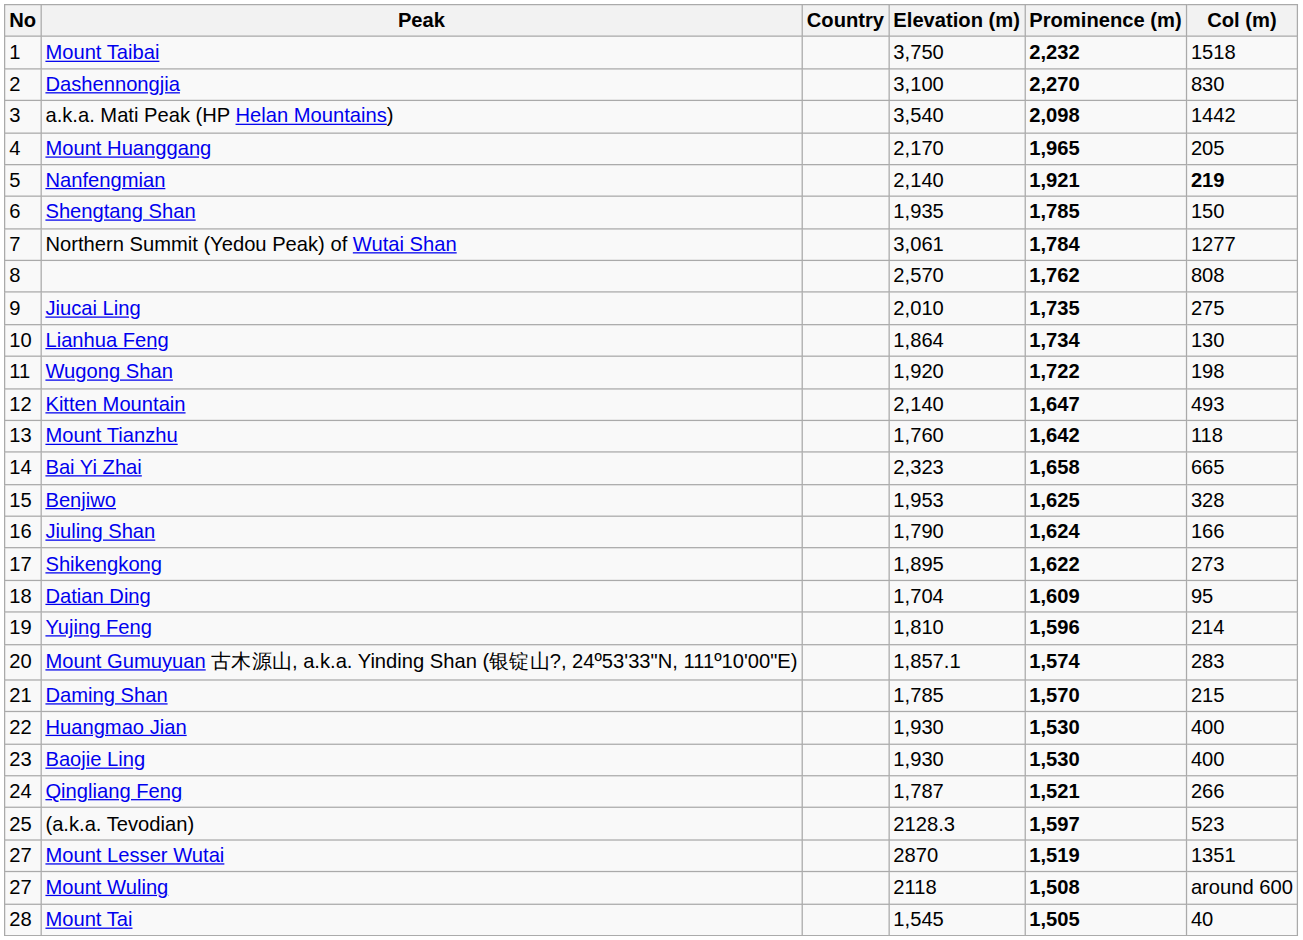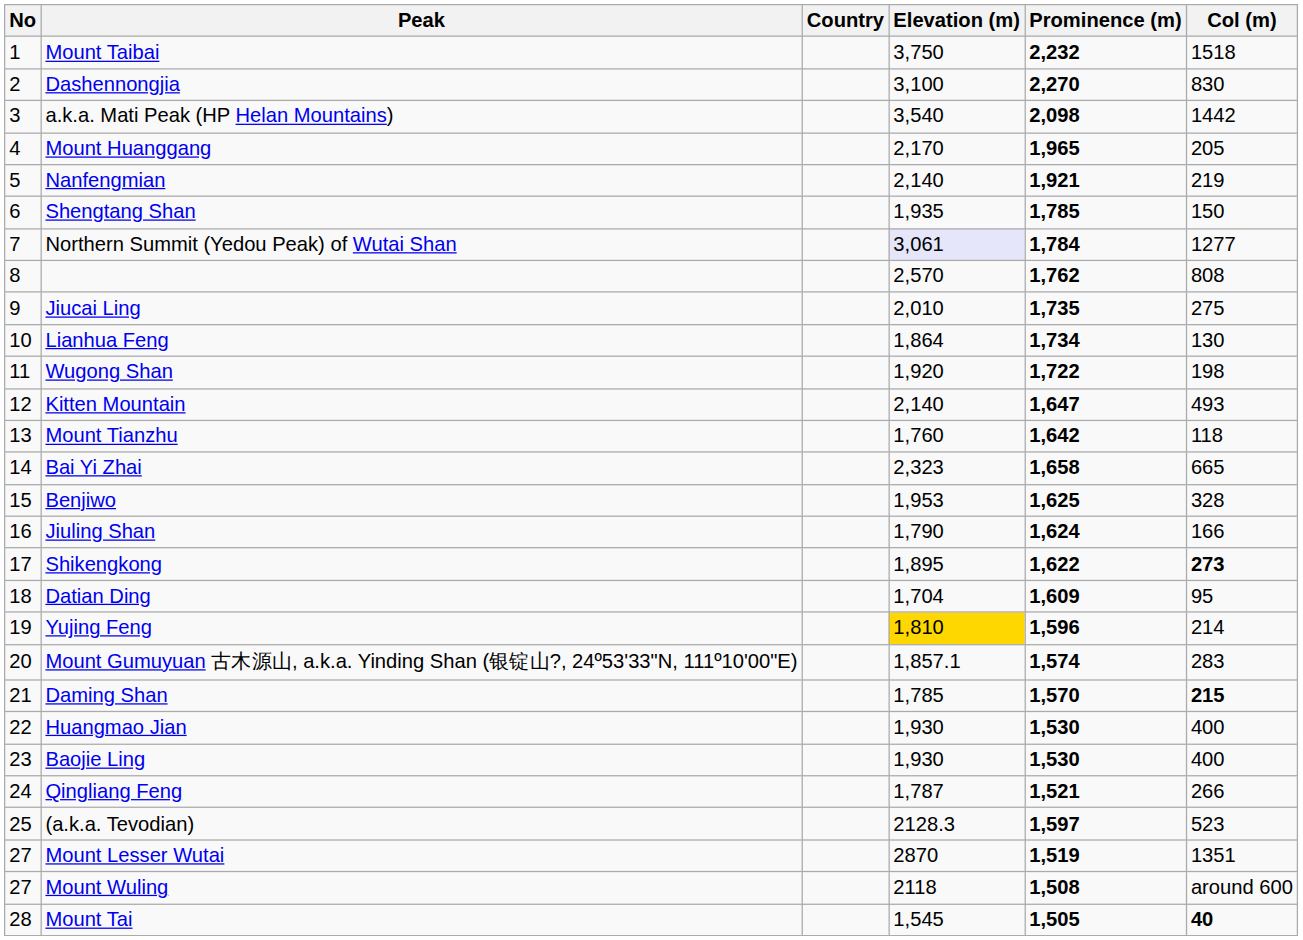 <table class="wikitable sortable">
 <tr>
 <th>No</th>
 <th>Peak</th>
 <th>Country</th>
 <th>Elevation (m)</th>
 <th>Prominence (m)</th>
 <th>Col (m)</th>
 </tr>
 <tr>
 <td>1</td>
 <td><a href='#'>Mount Taibai</a></td>
 <td></td>
 <td>3,750</td>
 <td><strong>2,232</strong></td>
 <td>1518</td>
 </tr>
 <tr>
 <td>2</td>
 <td><a href='#'>Dashennongjia</a></td>
 <td></td>
 <td>3,100</td>
 <td><strong>2,270</strong></td>
 <td>830</td>
 </tr>
 <tr>
 <td>3</td>
 <td> a.k.a. Mati Peak (HP <a href='#'>Helan Mountains</a>)</td>
 <td></td>
 <td>3,540</td>
 <td><strong>2,098</strong></td>
 <td>1442</td>
 </tr>
 <tr>
 <td>4</td>
 <td><a href='#'>Mount Huanggang</a></td>
 <td></td>
 <td>2,170</td>
 <td><strong>1,965</strong></td>
 <td>205</td>
 </tr>
 <tr>
 <td>5</td>
 <td><a href='#'>Nanfengmian</a></td>
 <td></td>
 <td>2,140</td>
 <td><strong>1,921</strong></td>
-<td><strong>219</strong></td>
+<td>219</td>
 </tr>
 <tr>
 <td>6</td>
 <td><a href='#'>Shengtang Shan</a></td>
 <td></td>
 <td>1,935</td>
 <td><strong>1,785</strong></td>
 <td>150</td>
 </tr>
 <tr>
 <td>7</td>
 <td>Northern Summit (Yedou Peak) of <a href='#'>Wutai Shan</a></td>
 <td></td>
-<td>3,061</td>
+<td style="background: lavender;">3,061</td>
 <td><strong>1,784</strong></td>
 <td>1277</td>
 </tr>
 <tr>
 <td>8</td>
 <td></td>
 <td></td>
 <td>2,570</td>
 <td><strong>1,762</strong></td>
 <td>808</td>
 </tr>
 <tr>
 <td>9</td>
 <td><a href='#'>Jiucai Ling</a></td>
 <td></td>
 <td>2,010</td>
 <td><strong>1,735</strong></td>
 <td>275</td>
 </tr>
 <tr>
 <td>10</td>
 <td><a href='#'>Lianhua Feng</a></td>
 <td></td>
 <td>1,864</td>
 <td><strong>1,734</strong></td>
 <td>130</td>
 </tr>
 <tr>
 <td>11</td>
 <td><a href='#'>Wugong Shan</a></td>
 <td></td>
 <td>1,920</td>
 <td><strong>1,722</strong></td>
 <td>198</td>
 </tr>
 <tr>
 <td>12</td>
 <td><a href='#'>Kitten Mountain</a></td>
 <td></td>
 <td>2,140</td>
 <td><strong>1,647</strong></td>
 <td>493</td>
 </tr>
 <tr>
 <td>13</td>
 <td><a href='#'>Mount Tianzhu</a></td>
 <td></td>
 <td>1,760</td>
 <td><strong>1,642</strong></td>
 <td>118</td>
 </tr>
 <tr>
 <td>14</td>
 <td><a href='#'>Bai Yi Zhai</a></td>
 <td></td>
 <td>2,323</td>
 <td><strong>1,658</strong></td>
 <td>665</td>
 </tr>
 <tr>
 <td>15</td>
 <td><a href='#'>Benjiwo</a></td>
 <td></td>
 <td>1,953</td>
 <td><strong>1,625</strong></td>
 <td>328</td>
 </tr>
 <tr>
 <td>16</td>
 <td><a href='#'>Jiuling Shan</a></td>
 <td></td>
 <td>1,790</td>
 <td><strong>1,624</strong></td>
 <td>166</td>
 </tr>
 <tr>
 <td>17</td>
 <td><a href='#'>Shikengkong</a></td>
 <td></td>
 <td>1,895</td>
 <td><strong>1,622</strong></td>
-<td>273</td>
+<td><strong>273</strong></td>
 </tr>
 <tr>
 <td>18</td>
 <td><a href='#'>Datian Ding</a></td>
 <td></td>
 <td>1,704</td>
 <td><strong>1,609</strong></td>
 <td>95</td>
 </tr>
 <tr>
 <td>19</td>
 <td><a href='#'>Yujing Feng</a></td>
 <td></td>
-<td>1,810</td>
+<td style="background: gold;">1,810</td>
 <td><strong>1,596</strong></td>
 <td>214</td>
 </tr>
 <tr>
 <td>20</td>
 <td><a href='#'>Mount Gumuyuan</a> 古木源山, a.k.a. Yinding Shan (银锭山?, 24º53'33"N, 111º10'00"E)</td>
 <td></td>
 <td>1,857.1</td>
 <td><strong>1,574</strong></td>
 <td>283</td>
 </tr>
 <tr>
 <td>21</td>
 <td><a href='#'>Daming Shan</a></td>
 <td></td>
 <td>1,785</td>
 <td><strong>1,570</strong></td>
-<td>215</td>
+<td><strong>215</strong></td>
 </tr>
 <tr>
 <td>22</td>
 <td><a href='#'>Huangmao Jian</a></td>
 <td></td>
 <td>1,930</td>
 <td><strong>1,530</strong></td>
 <td>400</td>
 </tr>
 <tr>
 <td>23</td>
 <td><a href='#'>Baojie Ling</a></td>
 <td></td>
 <td>1,930</td>
 <td><strong>1,530</strong></td>
 <td>400</td>
 </tr>
 <tr>
 <td>24</td>
 <td><a href='#'>Qingliang Feng</a></td>
 <td></td>
 <td>1,787</td>
 <td><strong>1,521</strong></td>
 <td>266</td>
 </tr>
 <tr>
 <td>25</td>
 <td> (a.k.a. Tevodian)</td>
 <td></td>
 <td>2128.3</td>
 <td><strong>1,597</strong></td>
 <td>523</td>
 </tr>
 <tr>
 <td>27</td>
 <td><a href='#'>Mount Lesser Wutai</a></td>
 <td></td>
 <td>2870</td>
 <td><strong>1,519</strong></td>
 <td>1351</td>
 </tr>
 <tr>
 <td>27</td>
 <td><a href='#'>Mount Wuling</a></td>
 <td></td>
 <td>2118</td>
 <td><strong>1,508</strong></td>
 <td>around 600</td>
 </tr>
 <tr>
 <td>28</td>
 <td><a href='#'>Mount Tai</a></td>
 <td></td>
 <td>1,545</td>
 <td><strong>1,505</strong></td>
-<td>40</td>
+<td><strong>40</strong></td>
 </tr>
 <tr>
 </tr>
 </table>
